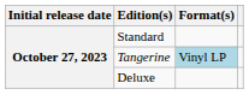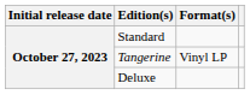 <table class="wikitable plainrowheaders">
 <tr>
 <th scope="col">Initial release date</th>
 <th scope="col">Edition(s)</th>
 <th scope="col">Format(s)</th>
 <th scope="col"></th>
 </tr>
 <tr>
 <th scope="row" rowspan="3">October 27, 2023</th>
 <td>Standard</td>
 <td></td>
 <td style="text-align:center;"></td>
 </tr>
 <tr>
 <td><em>Tangerine</em></td>
-<td style="background: lightblue;">Vinyl LP</td>
+<td>Vinyl LP</td>
 <td style="text-align:center;"></td>
 </tr>
 <tr>
 <td>Deluxe</td>
 <td></td>
 <td style="text-align:center;"></td>
 </tr>
 </table>
